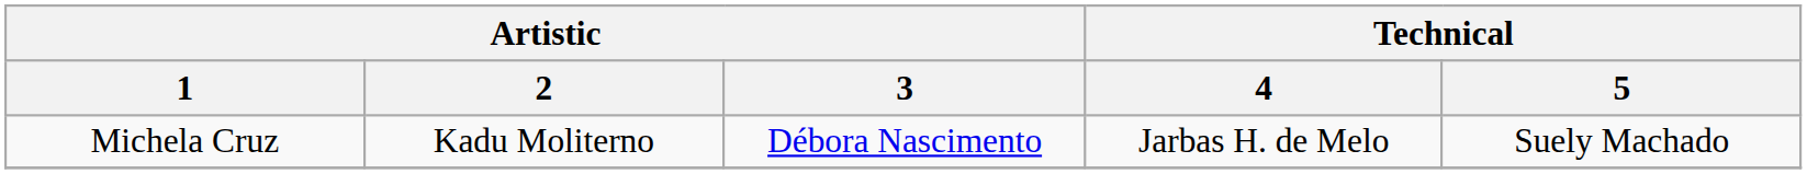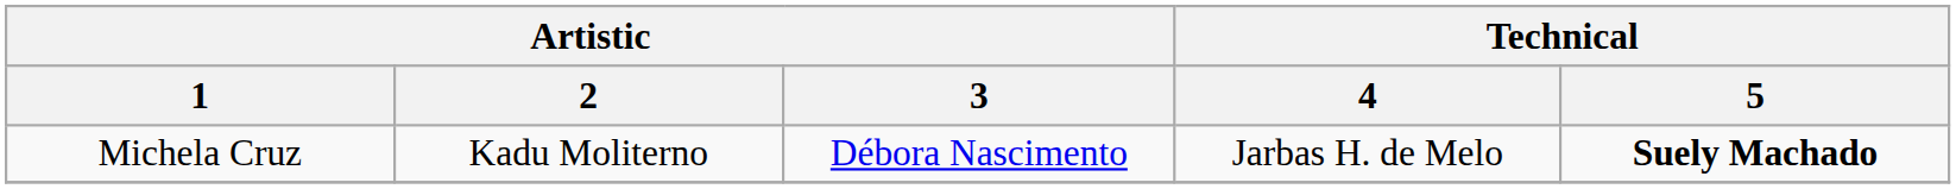 <table class="wikitable" style="font-size:90%; line-height:16px; text-align:center" width="85%">
 <tr>
 <th colspan=3>Artistic</th>
 <th colspan=2>Technical</th>
 </tr>
 <tr>
 <th>1</th>
 <th>2</th>
 <th>3</th>
 <th>4</th>
 <th>5</th>
 </tr>
 <tr>
 <td width=150>Michela Cruz</td>
 <td width=150>Kadu Moliterno</td>
 <td width=150><a href='#'>Débora Nascimento</a></td>
 <td width=150>Jarbas H. de Melo</td>
-<td width=150>Suely Machado</td>
+<td width=150><strong>Suely Machado</strong></td>
 </tr>
 <tr>
 </tr>
 </table>
